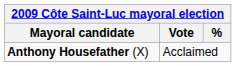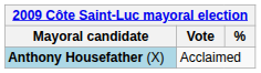 <table class="wikitable">
 <tr>
 <th colspan="3"><a href='#'>2009 Côte Saint-Luc mayoral election</a></th>
 </tr>
 <tr>
 <th bgcolor="#DDDDFF" width="200px">Mayoral candidate</th>
 <th bgcolor="#DDDDFF" width="50px">Vote</th>
 <th bgcolor="#DDDDFF"  width="30px">%</th>
 </tr>
 <tr>
-<td><strong>Anthony Housefather</strong> (X)</td>
+<td style="background: lightblue;"><strong>Anthony Housefather</strong> (X)</td>
 <td colspan="2">Acclaimed</td>
 </tr>
 </table>
